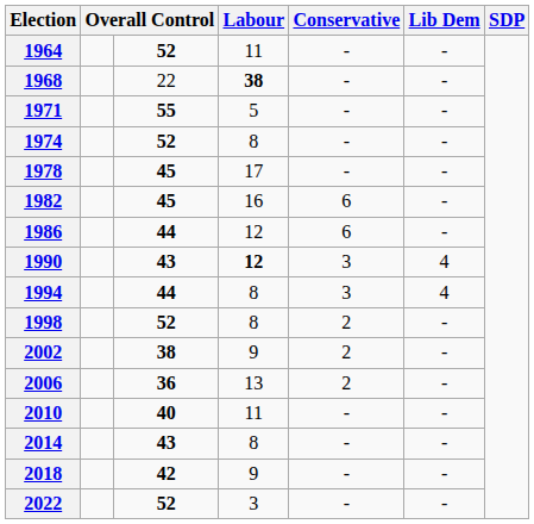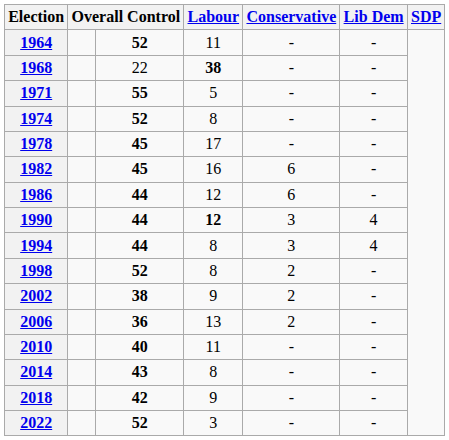 <table class="wikitable">
 <tr>
 <th>Election</th>
 <th colspan=2>Overall Control</th>
 <th><a href='#'>Labour</a></th>
 <th><a href='#'>Conservative</a></th>
 <th><a href='#'>Lib Dem</a></th>
 <th><a href='#'>SDP</a></th>
 </tr>
 <tr>
 <th><a href='#'>1964</a></th>
 <td></td>
 <td style="text-align: center;"><strong>52</strong></td>
 <td style="text-align: center;">11</td>
 <td style="text-align: center;">-</td>
 <td style="text-align: center;">-</td>
 </tr>
 <tr>
 <th><a href='#'>1968</a></th>
 <td></td>
 <td style="text-align: center;">22</td>
 <td style="text-align: center;"><strong>38</strong></td>
 <td style="text-align: center;">-</td>
 <td style="text-align: center;">-</td>
 </tr>
 <tr>
 <th><a href='#'>1971</a></th>
 <td></td>
 <td style="text-align: center;"><strong>55</strong></td>
 <td style="text-align: center;">5</td>
 <td style="text-align: center;">-</td>
 <td style="text-align: center;">-</td>
 </tr>
 <tr>
 <th><a href='#'>1974</a></th>
 <td></td>
 <td style="text-align: center;"><strong>52</strong></td>
 <td style="text-align: center;">8</td>
 <td style="text-align: center;">-</td>
 <td style="text-align: center;">-</td>
 </tr>
 <tr>
 <th><a href='#'>1978</a></th>
 <td></td>
 <td style="text-align: center;"><strong>45</strong></td>
 <td style="text-align: center;">17</td>
 <td style="text-align: center;">-</td>
 <td style="text-align: center;">-</td>
 </tr>
 <tr>
 <th><a href='#'>1982</a></th>
 <td></td>
 <td style="text-align: center;"><strong>45</strong></td>
 <td style="text-align: center;">16</td>
 <td style="text-align: center;">6</td>
 <td style="text-align: center;">-</td>
 </tr>
 <tr>
 <th><a href='#'>1986</a></th>
 <td></td>
 <td style="text-align: center;"><strong>44</strong></td>
 <td style="text-align: center;">12</td>
 <td style="text-align: center;">6</td>
 <td style="text-align: center;">-</td>
 </tr>
 <tr>
 <th><a href='#'>1990</a></th>
 <td></td>
-<td style="text-align: center;"><strong>43</strong></td>
+<td style="text-align: center;"><strong>44</strong></td>
 <td style="text-align: center;"><strong>12</strong></td>
 <td style="text-align: center;">3</td>
 <td style="text-align: center;">4</td>
 </tr>
 <tr>
 <th><a href='#'>1994</a></th>
 <td></td>
 <td style="text-align: center;"><strong>44</strong></td>
 <td style="text-align: center;">8</td>
 <td style="text-align: center;">3</td>
 <td style="text-align: center;">4</td>
 </tr>
 <tr>
 <th><a href='#'>1998</a></th>
 <td></td>
 <td style="text-align: center;"><strong>52</strong></td>
 <td style="text-align: center;">8</td>
 <td style="text-align: center;">2</td>
 <td style="text-align: center;">-</td>
 </tr>
 <tr>
 <th><a href='#'>2002</a></th>
 <td></td>
 <td style="text-align: center;"><strong>38</strong></td>
 <td style="text-align: center;">9</td>
 <td style="text-align: center;">2</td>
 <td style="text-align: center;">-</td>
 </tr>
 <tr>
 <th><a href='#'>2006</a></th>
 <td></td>
 <td style="text-align: center;"><strong>36</strong></td>
 <td style="text-align: center;">13</td>
 <td style="text-align: center;">2</td>
 <td style="text-align: center;">-</td>
 </tr>
 <tr>
 <th><a href='#'>2010</a></th>
 <td></td>
 <td style="text-align: center;"><strong>40</strong></td>
 <td style="text-align: center;">11</td>
 <td style="text-align: center;">-</td>
 <td style="text-align: center;">-</td>
 </tr>
 <tr>
 <th><a href='#'>2014</a></th>
 <td></td>
 <td style="text-align: center;"><strong>43</strong></td>
 <td style="text-align: center;">8</td>
 <td style="text-align: center;">-</td>
 <td style="text-align: center;">-</td>
 </tr>
 <tr>
 <th><a href='#'>2018</a></th>
 <td></td>
 <td style="text-align: center;"><strong>42</strong></td>
 <td style="text-align: center;">9</td>
 <td style="text-align: center;">-</td>
 <td style="text-align: center;">-</td>
 </tr>
 <tr>
 <th><a href='#'>2022</a></th>
 <td></td>
 <td style="text-align: center;"><strong>52</strong></td>
 <td style="text-align: center;">3</td>
 <td style="text-align: center;">-</td>
 <td style="text-align: center;">-</td>
 </tr>
 </table>
